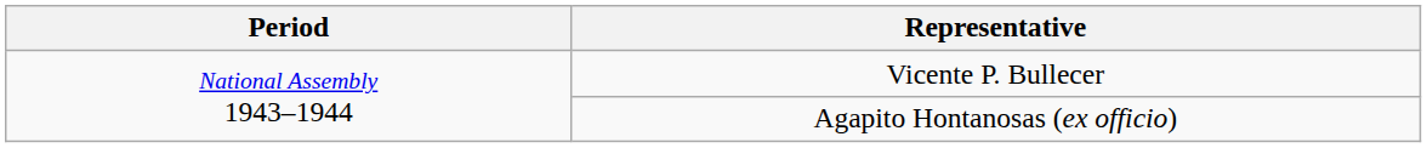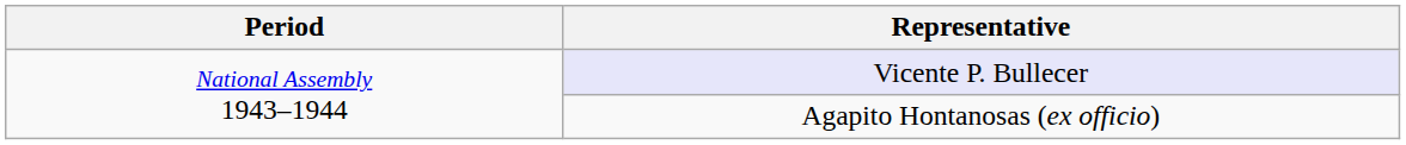 <table class="wikitable" style="text-align:center; width:40%;">
 <tr>
 <th width="40%">Period</th>
 <th>Representative</th>
 </tr>
 <tr>
 <td rowspan="2"><small><a href='#'><em>National Assembly</em></a></small><br>1943–1944</td>
-<td>Vicente P. Bullecer</td>
+<td style="background: lavender;">Vicente P. Bullecer</td>
 </tr>
 <tr>
 <td>Agapito Hontanosas (<em>ex officio</em>)</td>
 </tr>
 </table>
